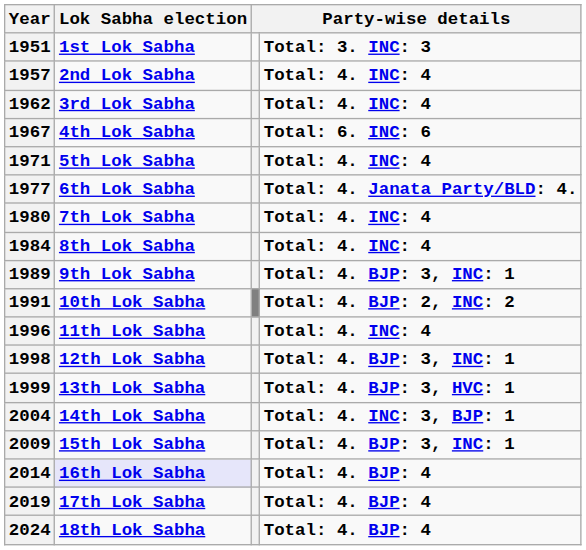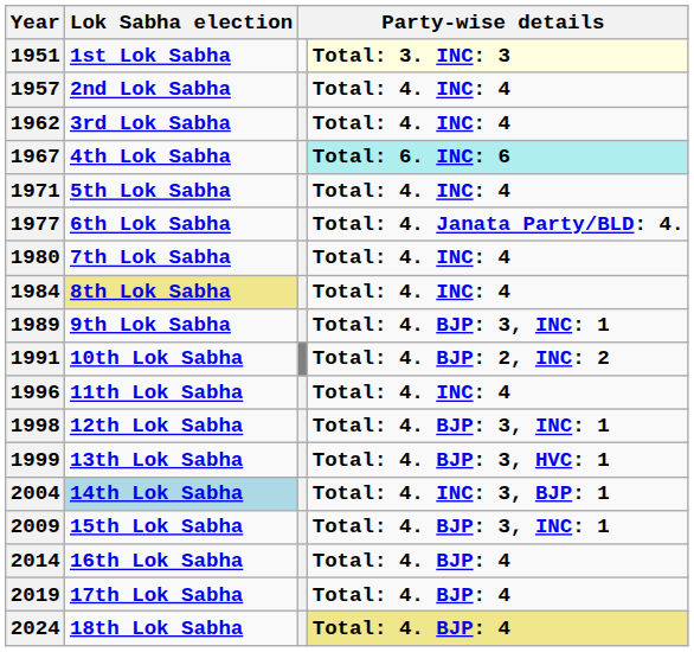 <table class="wikitable">
 <tr>
 <th scope="col">Year</th>
 <th scope="col">Lok Sabha election</th>
 <th scope="col" colspan="2">Party-wise details</th>
 </tr>
 <tr>
 <th scope="row">1951</th>
 <td><strong><a href='#'>1st Lok Sabha</a></strong></td>
 <td style="background-color: "></td>
-<td><strong>Total: 3. <a href='#'>INC</a>: 3</strong></td>
+<td style="background: lightyellow;"><strong>Total: 3. <a href='#'>INC</a>: 3</strong></td>
 </tr>
 <tr>
 <th scope="row">1957</th>
 <td><strong><a href='#'>2nd Lok Sabha</a></strong></td>
 <th style="background-color: "></th>
 <td><strong>Total: 4. <a href='#'>INC</a>: 4</strong></td>
 </tr>
 <tr>
 <th scope="row">1962</th>
 <td><strong><a href='#'>3rd Lok Sabha</a></strong></td>
 <th style="background-color: "></th>
 <td><strong>Total: 4. <a href='#'>INC</a>: 4</strong></td>
 </tr>
 <tr>
 <th scope="row">1967</th>
 <td><strong><a href='#'>4th Lok Sabha</a></strong></td>
 <th style="background-color: "></th>
-<td><strong>Total: 6. <a href='#'>INC</a>: 6</strong></td>
+<td style="background: paleturquoise;"><strong>Total: 6. <a href='#'>INC</a>: 6</strong></td>
 </tr>
 <tr>
 <th scope="row">1971</th>
 <td><strong><a href='#'>5th Lok Sabha</a></strong></td>
 <th style="background-color: "></th>
 <td><strong>Total: 4. <a href='#'>INC</a>: 4</strong></td>
 </tr>
 <tr>
 <th scope="row">1977</th>
 <td><strong><a href='#'>6th Lok Sabha</a></strong></td>
 <th style="background-color: "></th>
 <td><strong>Total: 4. <a href='#'>Janata Party/BLD</a>: 4.</strong></td>
 </tr>
 <tr>
 <th scope="row">1980</th>
 <td><strong><a href='#'>7th Lok Sabha</a></strong></td>
 <th style="background-color: "></th>
 <td><strong>Total: 4. <a href='#'>INC</a>: 4</strong></td>
 </tr>
 <tr>
 <th scope="row">1984</th>
-<td><strong><a href='#'>8th Lok Sabha</a></strong></td>
+<td style="background: khaki;"><strong><a href='#'>8th Lok Sabha</a></strong></td>
 <th style="background-color: "></th>
 <td><strong>Total: 4. <a href='#'>INC</a>: 4</strong></td>
 </tr>
 <tr>
 <th scope="row">1989</th>
 <td><strong><a href='#'>9th Lok Sabha</a></strong></td>
 <th style="background-color: "></th>
 <td><strong>Total: 4. <a href='#'>BJP</a>: 3, <a href='#'>INC</a>: 1</strong></td>
 </tr>
 <tr>
 <th scope="row">1991</th>
 <td><strong><a href='#'>10th Lok Sabha</a></strong></td>
 <th style="background-color: grey"></th>
 <td><strong>Total: 4. <a href='#'>BJP</a>: 2, <a href='#'>INC</a>: 2</strong></td>
 </tr>
 <tr>
 <th scope="row">1996</th>
 <td><strong><a href='#'>11th Lok Sabha</a></strong></td>
 <th style="background-color: "></th>
 <td><strong>Total: 4. <a href='#'>INC</a>: 4</strong></td>
 </tr>
 <tr>
 <th scope="row">1998</th>
 <td><strong><a href='#'>12th Lok Sabha</a></strong></td>
 <th style="background-color: "></th>
 <td><strong>Total: 4. <a href='#'>BJP</a>: 3, <a href='#'>INC</a>: 1</strong></td>
 </tr>
 <tr>
 <th scope="row">1999</th>
 <td><strong><a href='#'>13th Lok Sabha</a></strong></td>
 <th style="background-color: "></th>
 <td><strong>Total: 4. <a href='#'>BJP</a>: 3, <a href='#'>HVC</a>: 1</strong></td>
 </tr>
 <tr>
 <th scope="row">2004</th>
-<td><a href='#'><strong>14th Lok Sabha</strong></a></td>
+<td style="background: lightblue;"><a href='#'><strong>14th Lok Sabha</strong></a></td>
 <th style="background-color: "></th>
 <td><strong>Total: 4. <a href='#'>INC</a>: 3, <a href='#'>BJP</a>: 1</strong></td>
 </tr>
 <tr>
 <th scope="row">2009</th>
 <td><a href='#'><strong>15th Lok Sabha</strong></a></td>
 <th style="background-color: "></th>
 <td><strong>Total: 4. <a href='#'>BJP</a>: 3, <a href='#'>INC</a>: 1</strong></td>
 </tr>
 <tr>
 <th scope="row">2014</th>
-<td style="background: lavender;"><a href='#'><strong>16th Lok Sabha</strong></a></td>
+<td><a href='#'><strong>16th Lok Sabha</strong></a></td>
 <th style="background-color: "></th>
 <td><strong>Total: 4. <a href='#'>BJP</a>: 4</strong></td>
 </tr>
 <tr>
 <th scope="row">2019</th>
 <td><a href='#'><strong>17th Lok Sabha</strong></a></td>
 <th style="background-color: "></th>
 <td><strong>Total: 4. <a href='#'>BJP</a>: 4</strong></td>
 </tr>
 <tr>
 <th scope="row">2024</th>
 <td><a href='#'><strong>18th Lok Sabha</strong></a></td>
 <th style="background-color: "></th>
-<td><strong>Total: 4. <a href='#'>BJP</a>: 4</strong></td>
+<td style="background: khaki;"><strong>Total: 4. <a href='#'>BJP</a>: 4</strong></td>
 </tr>
 </table>
